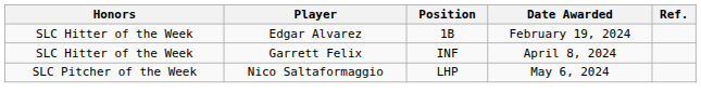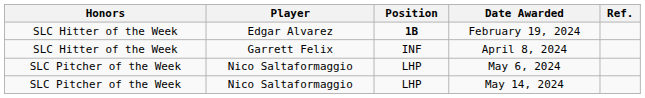 <table class="wikitable" style="width: 60%;text-align: center;">
 <tr>
 <th>Honors</th>
 <th>Player</th>
 <th>Position</th>
 <th>Date Awarded</th>
 <th>Ref.</th>
 </tr>
 <tr align="center">
 <td rowspan="1">SLC Hitter of the Week</td>
 <td>Edgar Alvarez</td>
-<td>1B</td>
+<td><strong>1B</strong></td>
 <td>February 19, 2024</td>
 <td></td>
 </tr>
 <tr align="center">
 <td rowspan="1">SLC Hitter of the Week</td>
 <td>Garrett Felix</td>
 <td>INF</td>
 <td>April 8, 2024</td>
 <td></td>
 </tr>
 <tr align="center">
 <td rowspan="1">SLC Pitcher of the Week</td>
 <td>Nico Saltaformaggio</td>
 <td>LHP</td>
 <td>May 6, 2024</td>
 <td></td>
 </tr>
+<tr align="center">
+<td rowspan="1">SLC Pitcher of the Week</td>
+<td>Nico Saltaformaggio</td>
+<td>LHP</td>
+<td>May 14, 2024</td>
+<td></td>
+</tr>
 </table>
